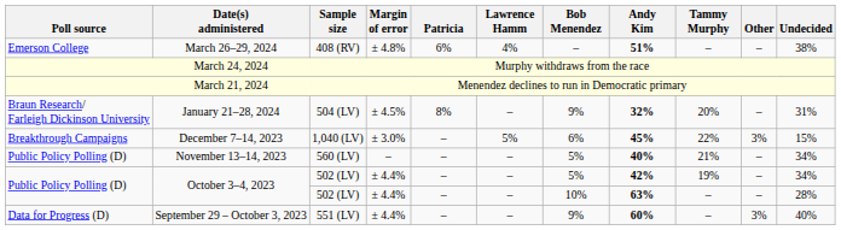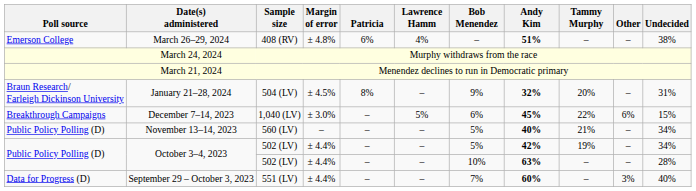 <table class="wikitable" style="font-size:90%;text-align:center;">
 <tr valign=bottom>
 <th>Poll source</th>
 <th>Date(s)<br>administered</th>
 <th>Sample<br>size</th>
 <th>Margin<br>of error</th>
 <th style="width:75px;">Patricia<br></th>
 <th style="width:75px;">Lawrence<br>Hamm</th>
 <th style="width:75px;">Bob<br>Menendez</th>
 <th style="width:75px;">Andy<br>Kim</th>
 <th style="width:75px;">Tammy<br>Murphy</th>
 <th>Other</th>
 <th>Undecided</th>
 </tr>
 <tr>
 <td style="text-align:left"><a href='#'>Emerson College</a></td>
 <td>March 26–29, 2024</td>
 <td>408 (RV)</td>
 <td>± 4.8%</td>
 <td>6%</td>
 <td>4%</td>
 <td>–</td>
 <td><strong>51%</strong></td>
 <td>–</td>
 <td>–</td>
 <td>38%</td>
 </tr>
 <tr style="background:lightyellow;">
 <td style="border-right-style:hidden; background:lightyellow;"></td>
 <td style="border-right-style:hidden; ">March 24, 2024</td>
 <td colspan="9">Murphy withdraws from the race</td>
 </tr>
 <tr style="background:lightyellow;">
 <td style="border-right-style:hidden; background:lightyellow;"></td>
 <td style="border-right-style:hidden; ">March 21, 2024</td>
 <td colspan="9">Menendez declines to run in Democratic primary</td>
 </tr>
 <tr>
 <td style="text-align:left"><a href='#'>Braun Research</a>/<a href='#'><br>Farleigh Dickinson University</a></td>
 <td>January 21–28, 2024</td>
 <td>504 (LV)</td>
 <td>± 4.5%</td>
 <td>8%</td>
 <td>–</td>
 <td>9%</td>
 <td><strong>32%</strong></td>
 <td>20%</td>
 <td>–</td>
 <td>31%</td>
 </tr>
 <tr>
 <td style="text-align:left"><a href='#'>Breakthrough Campaigns</a></td>
 <td>December 7–14, 2023</td>
 <td>1,040 (LV)</td>
 <td>± 3.0%</td>
 <td>–</td>
 <td>5%</td>
 <td>6%</td>
 <td><strong>45%</strong></td>
 <td>22%</td>
-<td>3%</td>
+<td>6%</td>
 <td>15%</td>
 </tr>
 <tr>
 <td style="text-align:left"><a href='#'>Public Policy Polling</a> (D)</td>
 <td>November 13–14, 2023</td>
 <td>560 (LV)</td>
 <td>–</td>
 <td>–</td>
 <td>–</td>
 <td>5%</td>
 <td><strong>40%</strong></td>
 <td>21%</td>
 <td>–</td>
 <td>34%</td>
 </tr>
 <tr>
 <td style="text-align:left;" rowspan="2"><a href='#'>Public Policy Polling</a> (D)</td>
 <td rowspan="2">October 3–4, 2023</td>
 <td>502 (LV)</td>
 <td>± 4.4%</td>
 <td>–</td>
 <td>–</td>
 <td>5%</td>
 <td><strong>42%</strong></td>
 <td>19%</td>
 <td>–</td>
 <td>34%</td>
 </tr>
 <tr>
 <td>502 (LV)</td>
 <td>± 4.4%</td>
 <td>–</td>
 <td>–</td>
 <td>10%</td>
 <td><strong>63%</strong></td>
 <td>–</td>
 <td>–</td>
 <td>28%</td>
 </tr>
 <tr>
 <td style="text-align:left"><a href='#'>Data for Progress</a> (D)</td>
 <td>September 29 – October 3, 2023</td>
 <td>551 (LV)</td>
 <td>± 4.4%</td>
 <td>–</td>
 <td>–</td>
-<td>9%</td>
+<td>7%</td>
 <td><strong>60%</strong></td>
 <td>–</td>
 <td>3%</td>
 <td>40%</td>
 </tr>
 </table>
